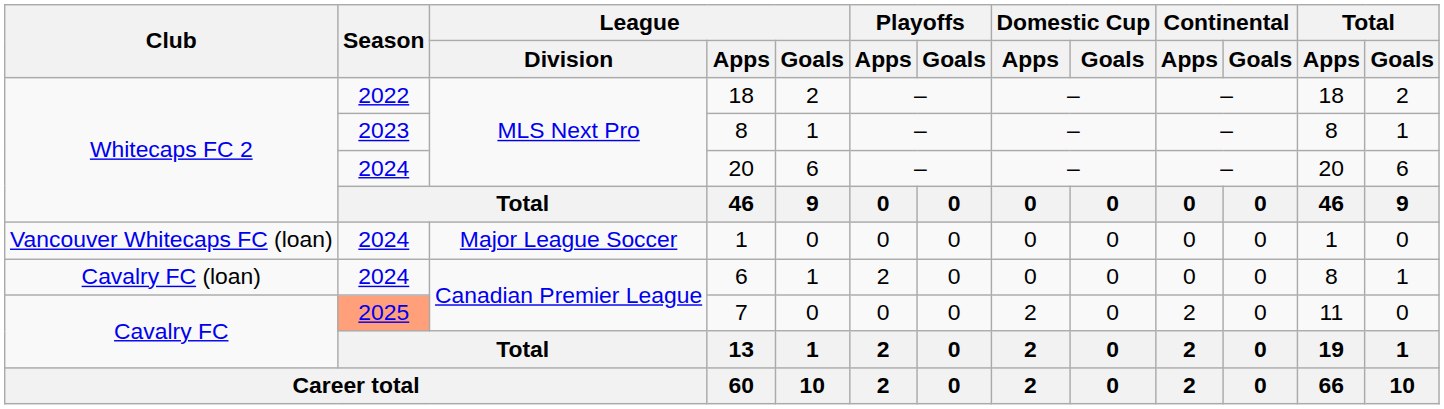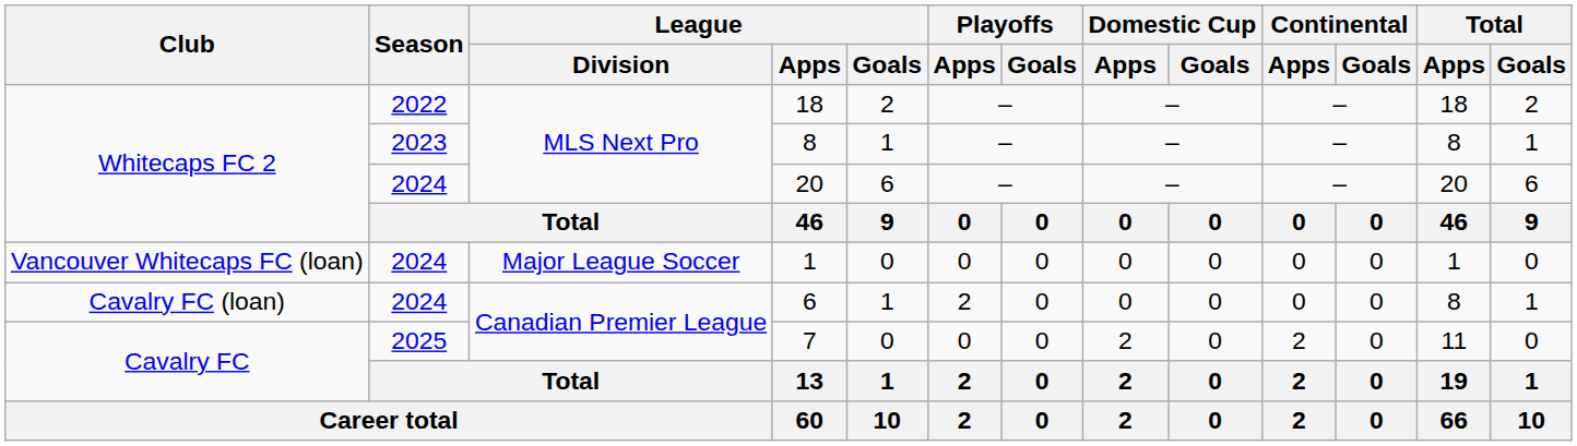 <table class="wikitable" style="text-align: center">
 <tr>
 <th rowspan="2">Club</th>
 <th rowspan="2">Season</th>
 <th colspan="3">League</th>
 <th colspan="2">Playoffs</th>
 <th colspan="2">Domestic Cup</th>
 <th colspan="2">Continental</th>
 <th colspan="2">Total</th>
 </tr>
 <tr>
 <th>Division</th>
 <th>Apps</th>
 <th>Goals</th>
 <th>Apps</th>
 <th>Goals</th>
 <th>Apps</th>
 <th>Goals</th>
 <th>Apps</th>
 <th>Goals</th>
 <th>Apps</th>
 <th>Goals</th>
 </tr>
 <tr>
 <td rowspan=4><a href='#'>Whitecaps FC 2</a></td>
 <td><a href='#'>2022</a></td>
 <td rowspan=3><a href='#'>MLS Next Pro</a></td>
 <td>18</td>
 <td>2</td>
 <td colspan="2">–</td>
 <td colspan="2">–</td>
 <td colspan="2">–</td>
 <td>18</td>
 <td>2</td>
 </tr>
 <tr>
 <td><a href='#'>2023</a></td>
 <td>8</td>
 <td>1</td>
 <td colspan="2">–</td>
 <td colspan="2">–</td>
 <td colspan="2">–</td>
 <td>8</td>
 <td>1</td>
 </tr>
 <tr>
 <td><a href='#'>2024</a></td>
 <td>20</td>
 <td>6</td>
 <td colspan="2">–</td>
 <td colspan="2">–</td>
 <td colspan="2">–</td>
 <td>20</td>
 <td>6</td>
 </tr>
 <tr>
 <th colspan="2"><strong>Total</strong></th>
 <th>46</th>
 <th>9</th>
 <th>0</th>
 <th>0</th>
 <th>0</th>
 <th>0</th>
 <th>0</th>
 <th>0</th>
 <th>46</th>
 <th>9</th>
 </tr>
 <tr>
 <td><a href='#'>Vancouver Whitecaps FC</a> (loan)</td>
 <td><a href='#'>2024</a></td>
 <td><a href='#'>Major League Soccer</a></td>
 <td>1</td>
 <td>0</td>
 <td>0</td>
 <td>0</td>
 <td>0</td>
 <td>0</td>
 <td>0</td>
 <td>0</td>
 <td>1</td>
 <td>0</td>
 </tr>
 <tr>
 <td><a href='#'>Cavalry FC</a> (loan)</td>
 <td><a href='#'>2024</a></td>
 <td rowspan="2"><a href='#'>Canadian Premier League</a></td>
 <td>6</td>
 <td>1</td>
 <td>2</td>
 <td>0</td>
 <td>0</td>
 <td>0</td>
 <td>0</td>
 <td>0</td>
 <td>8</td>
 <td>1</td>
 </tr>
 <tr>
 <td rowspan="2"><a href='#'>Cavalry FC</a></td>
-<td style="background: lightsalmon;"><a href='#'>2025</a></td>
+<td><a href='#'>2025</a></td>
 <td>7</td>
 <td>0</td>
 <td>0</td>
 <td>0</td>
 <td>2</td>
 <td>0</td>
 <td>2</td>
 <td>0</td>
 <td>11</td>
 <td>0</td>
 </tr>
 <tr>
 <th colspan="2"><strong>Total</strong></th>
 <th>13</th>
 <th>1</th>
 <th>2</th>
 <th>0</th>
 <th>2</th>
 <th>0</th>
 <th>2</th>
 <th>0</th>
 <th>19</th>
 <th>1</th>
 </tr>
 <tr>
 <th colspan="3"><strong>Career total</strong></th>
 <th>60</th>
 <th>10</th>
 <th>2</th>
 <th>0</th>
 <th>2</th>
 <th>0</th>
 <th>2</th>
 <th>0</th>
 <th>66</th>
 <th>10</th>
 </tr>
 </table>
